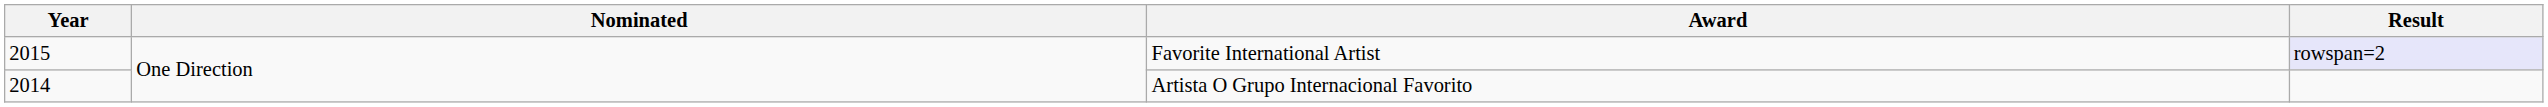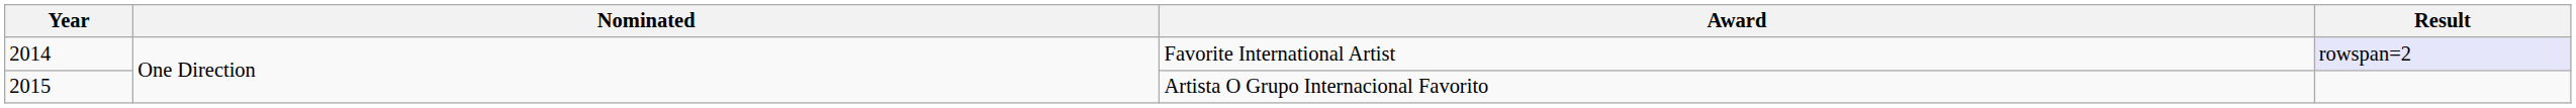 <table class="wikitable" style="width:100%;">
 <tr>
 <th width=5%>Year</th>
 <th style="width:40%;">Nominated</th>
 <th style="width:45%;">Award</th>
 <th style="width:10%;">Result</th>
 </tr>
 <tr>
-<td>2015</td>
+<td>2014</td>
 <td rowspan="2">One Direction</td>
 <td>Favorite International Artist</td>
 <td style="background: lavender;">rowspan=2 </td>
 </tr>
 <tr>
-<td>2014</td>
+<td>2015</td>
 <td>Artista O Grupo Internacional Favorito</td>
 </tr>
 </table>
